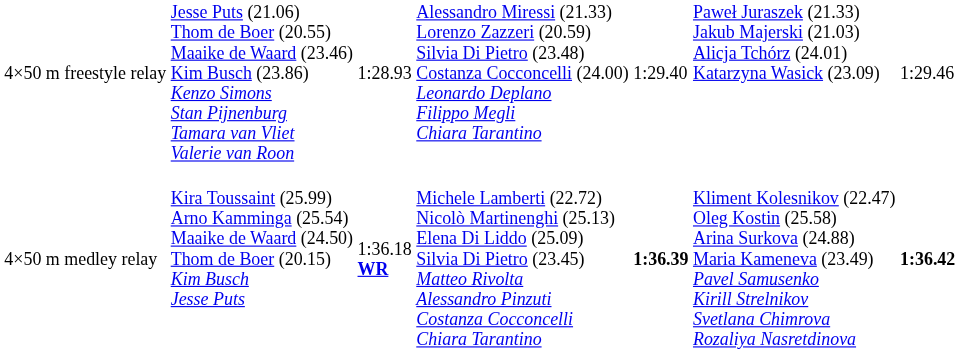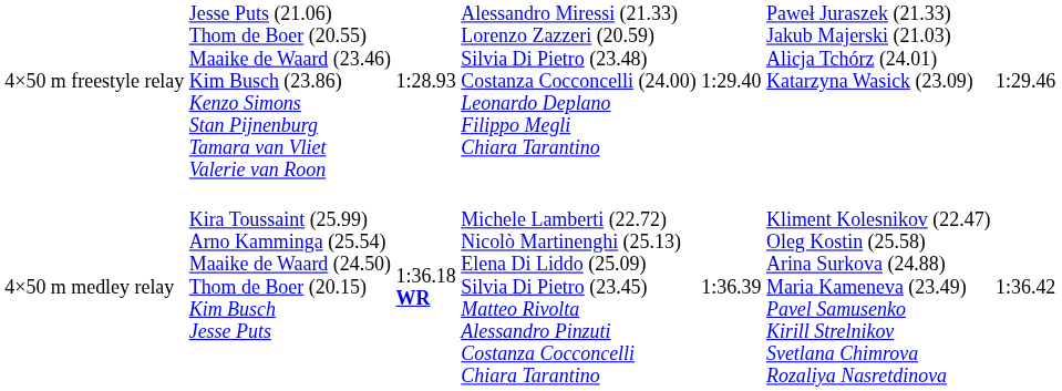 <table>
 <tr>
 <td>4×50 m freestyle relay</td>
 <td><br><a href='#'>Jesse Puts</a> (21.06)<br><a href='#'>Thom de Boer</a> (20.55)<br><a href='#'>Maaike de Waard</a> (23.46)<br><a href='#'>Kim Busch</a> (23.86)<br><em><a href='#'>Kenzo Simons</a><br><a href='#'>Stan Pijnenburg</a><br><a href='#'>Tamara van Vliet</a><br><a href='#'>Valerie van Roon</a></em></td>
 <td>1:28.93</td>
 <td valign=top><br><a href='#'>Alessandro Miressi</a> (21.33)<br><a href='#'>Lorenzo Zazzeri</a> (20.59)<br><a href='#'>Silvia Di Pietro</a> (23.48)<br><a href='#'>Costanza Cocconcelli</a> (24.00)<br><em><a href='#'>Leonardo Deplano</a><br><a href='#'>Filippo Megli</a><br><a href='#'>Chiara Tarantino</a></em></td>
 <td>1:29.40</td>
 <td valign=top><br><a href='#'>Paweł Juraszek</a> (21.33)<br><a href='#'>Jakub Majerski</a> (21.03)<br><a href='#'>Alicja Tchórz</a> (24.01)<br><a href='#'>Katarzyna Wasick</a> (23.09)</td>
 <td>1:29.46</td>
 </tr>
 <tr>
 <td>4×50 m medley relay</td>
 <td valign=top><br><a href='#'>Kira Toussaint</a> (25.99)<br><a href='#'>Arno Kamminga</a> (25.54)<br><a href='#'>Maaike de Waard</a> (24.50)<br><a href='#'>Thom de Boer</a> (20.15)<br><em><a href='#'>Kim Busch</a></em><br><em><a href='#'>Jesse Puts</a></em></td>
 <td>1:36.18<br><strong><a href='#'>WR</a></strong></td>
 <td><br><a href='#'>Michele Lamberti</a> (22.72)<br><a href='#'>Nicolò Martinenghi</a> (25.13)<br><a href='#'>Elena Di Liddo</a> (25.09)<br><a href='#'>Silvia Di Pietro</a> (23.45)<br><em><a href='#'>Matteo Rivolta</a></em><br><em><a href='#'>Alessandro Pinzuti</a></em><br><em><a href='#'>Costanza Cocconcelli</a></em><br><em><a href='#'>Chiara Tarantino</a></em></td>
-<td><strong>1:36.39</strong></td>
+<td>1:36.39</td>
 <td><br><a href='#'>Kliment Kolesnikov</a> (22.47)<br><a href='#'>Oleg Kostin</a> (25.58)<br><a href='#'>Arina Surkova</a> (24.88)<br><a href='#'>Maria Kameneva</a> (23.49)<br><em><a href='#'>Pavel Samusenko</a></em><br><em><a href='#'>Kirill Strelnikov</a></em><br><em><a href='#'>Svetlana Chimrova</a></em><br><em><a href='#'>Rozaliya Nasretdinova</a></em></td>
-<td><strong>1:36.42</strong></td>
+<td>1:36.42</td>
 </tr>
 </table>
